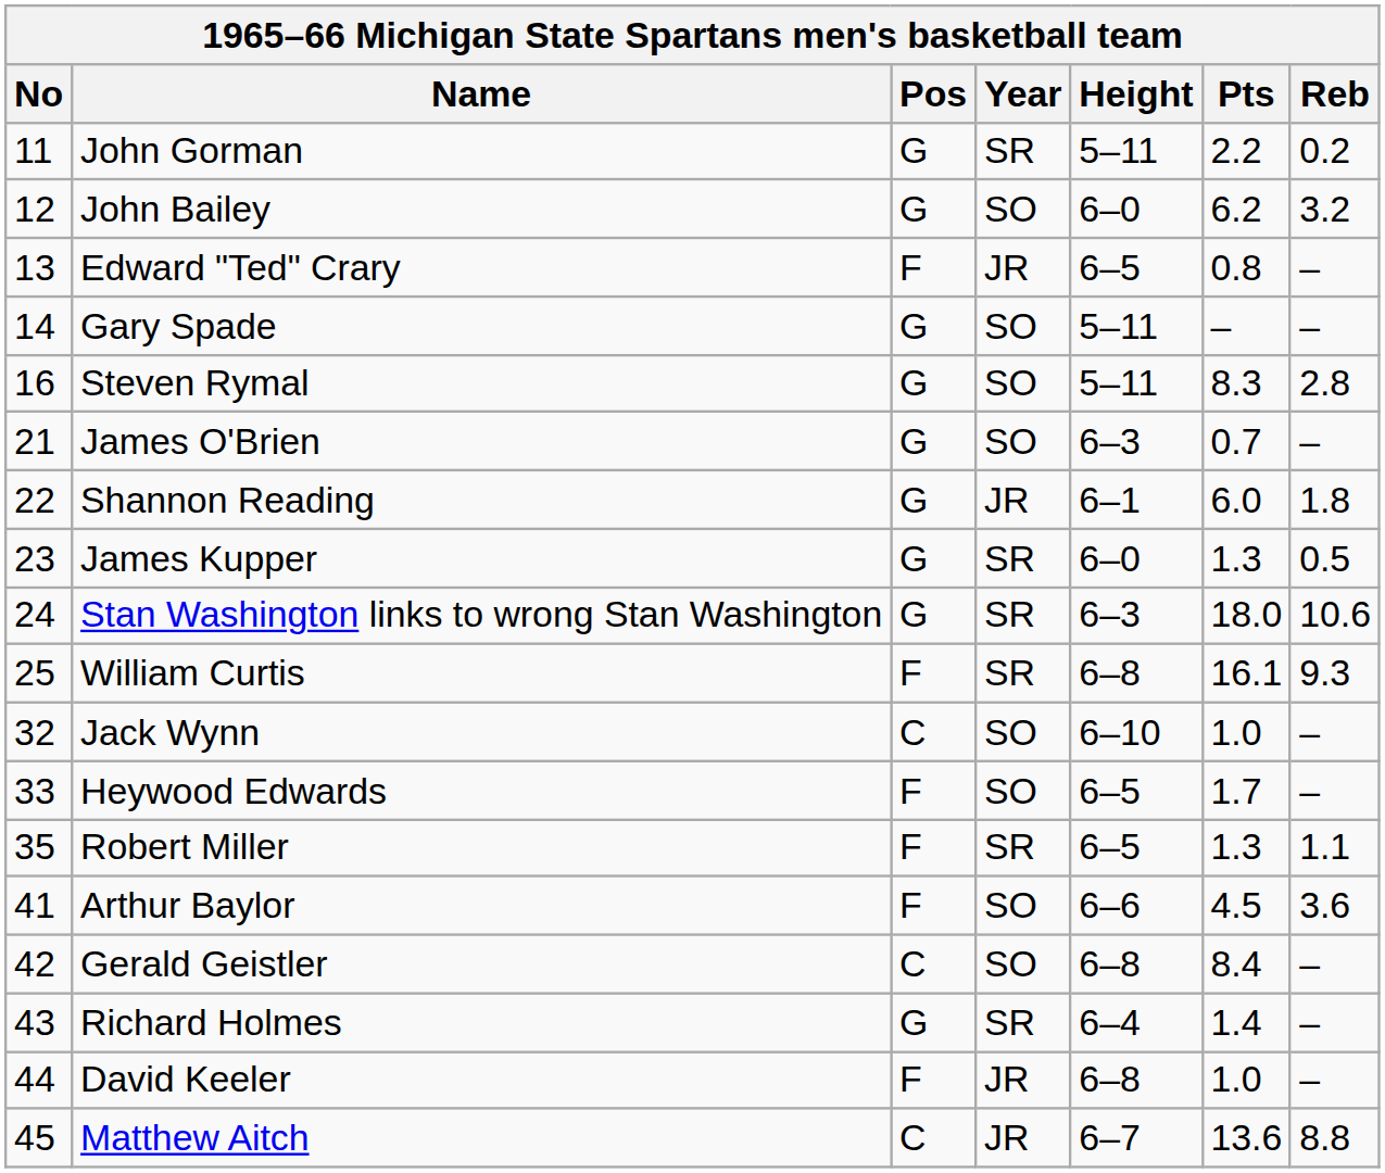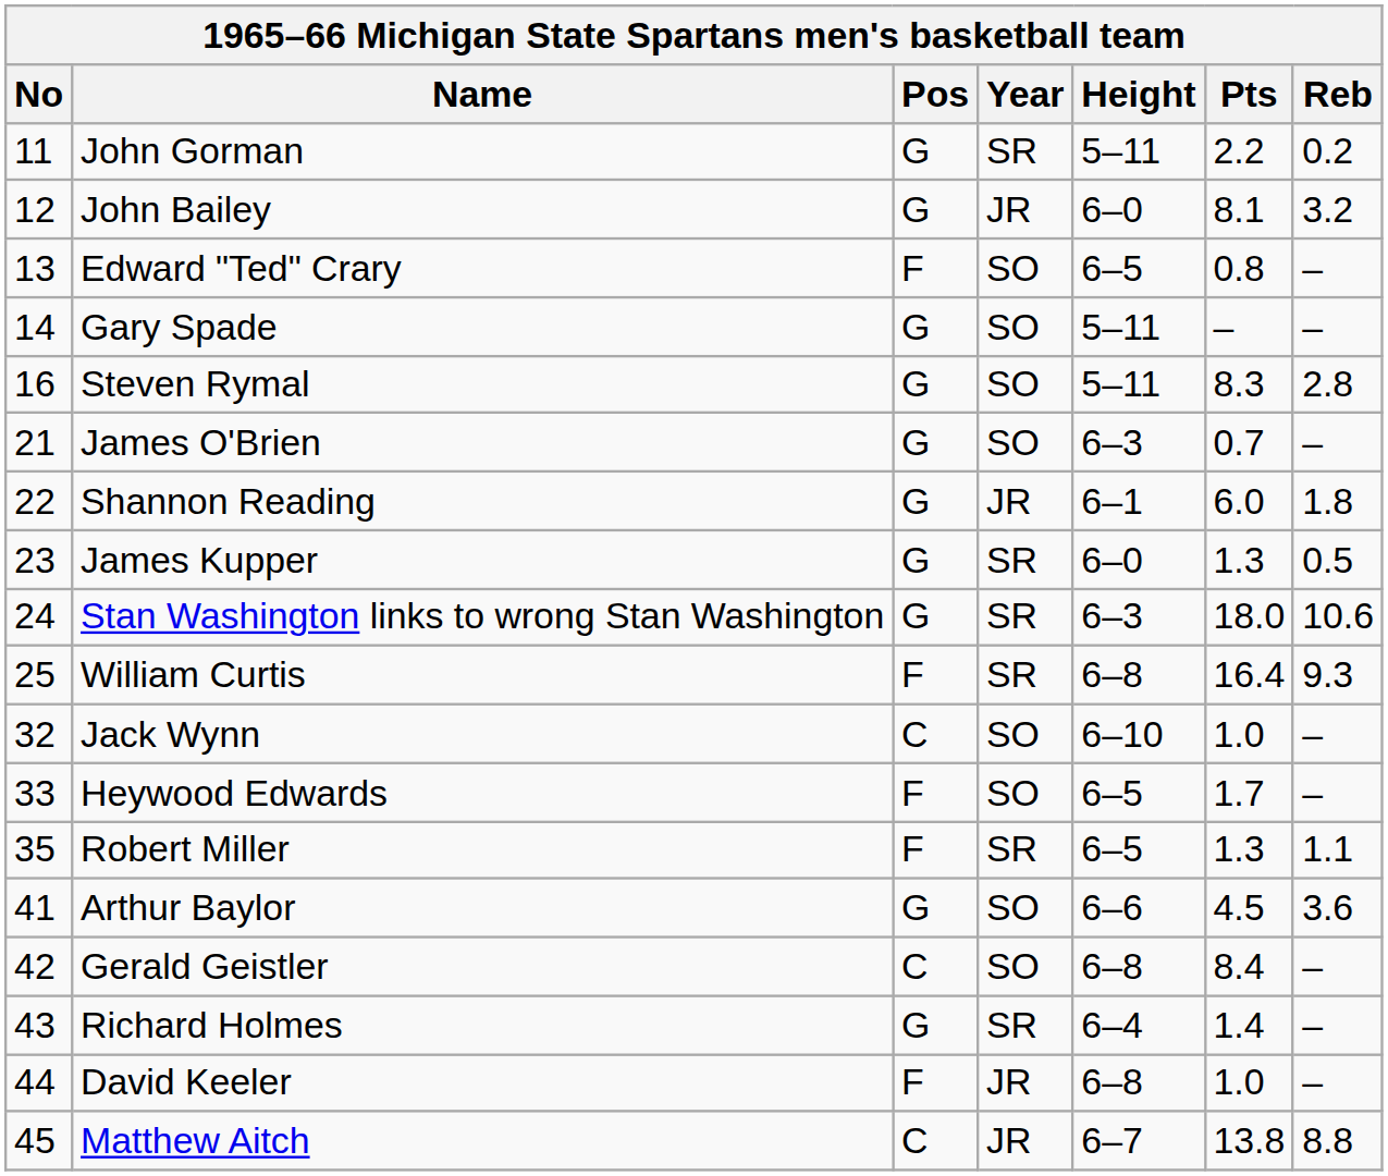 <table class="wikitable sortable" style="font-size: 90%" |->
 <tr>
 <th colspan=9 style=>1965–66 Michigan State Spartans men's basketball team</th>
 </tr>
 <tr>
 <th style="background:#">No</th>
 <th style="background:#">Name</th>
 <th style="background:#">Pos</th>
 <th style="background:#">Year</th>
 <th style="background:#">Height</th>
 <th style="background:#">Pts</th>
 <th style="background:#">Reb</th>
 </tr>
 <tr>
 <td>11</td>
 <td>John Gorman</td>
 <td>G</td>
 <td>SR</td>
 <td>5–11</td>
 <td>2.2</td>
 <td>0.2</td>
 </tr>
 <tr>
 <td>12</td>
 <td>John Bailey</td>
 <td>G</td>
-<td>SO</td>
+<td>JR</td>
 <td>6–0</td>
-<td>6.2</td>
+<td>8.1</td>
 <td>3.2</td>
 </tr>
 <tr>
 <td>13</td>
 <td>Edward "Ted" Crary</td>
 <td>F</td>
-<td>JR</td>
+<td>SO</td>
 <td>6–5</td>
 <td>0.8</td>
 <td>–</td>
 </tr>
 <tr>
 <td>14</td>
 <td>Gary Spade</td>
 <td>G</td>
 <td>SO</td>
 <td>5–11</td>
 <td>–</td>
 <td>–</td>
 </tr>
 <tr>
 <td>16</td>
 <td>Steven Rymal</td>
 <td>G</td>
 <td>SO</td>
 <td>5–11</td>
 <td>8.3</td>
 <td>2.8</td>
 </tr>
 <tr>
 <td>21</td>
 <td>James O'Brien</td>
 <td>G</td>
 <td>SO</td>
 <td>6–3</td>
 <td>0.7</td>
 <td>–</td>
 </tr>
 <tr>
 <td>22</td>
 <td>Shannon Reading</td>
 <td>G</td>
 <td>JR</td>
 <td>6–1</td>
 <td>6.0</td>
 <td>1.8</td>
 </tr>
 <tr>
 <td>23</td>
 <td>James Kupper</td>
 <td>G</td>
 <td>SR</td>
 <td>6–0</td>
 <td>1.3</td>
 <td>0.5</td>
 </tr>
 <tr>
 <td>24</td>
 <td><a href='#'>Stan Washington</a> links to wrong Stan Washington</td>
 <td>G</td>
 <td>SR</td>
 <td>6–3</td>
 <td>18.0</td>
 <td>10.6</td>
 </tr>
 <tr>
 <td>25</td>
 <td>William Curtis</td>
 <td>F</td>
 <td>SR</td>
 <td>6–8</td>
-<td>16.1</td>
+<td>16.4</td>
 <td>9.3</td>
 </tr>
 <tr>
 <td>32</td>
 <td>Jack Wynn</td>
 <td>C</td>
 <td>SO</td>
 <td>6–10</td>
 <td>1.0</td>
 <td>–</td>
 </tr>
 <tr>
 <td>33</td>
 <td>Heywood Edwards</td>
 <td>F</td>
 <td>SO</td>
 <td>6–5</td>
 <td>1.7</td>
 <td>–</td>
 </tr>
 <tr>
 <td>35</td>
 <td>Robert Miller</td>
 <td>F</td>
 <td>SR</td>
 <td>6–5</td>
 <td>1.3</td>
 <td>1.1</td>
 </tr>
 <tr>
 <td>41</td>
 <td>Arthur Baylor</td>
-<td>F</td>
+<td>G</td>
 <td>SO</td>
 <td>6–6</td>
 <td>4.5</td>
 <td>3.6</td>
 </tr>
 <tr>
 <td>42</td>
 <td>Gerald Geistler</td>
 <td>C</td>
 <td>SO</td>
 <td>6–8</td>
 <td>8.4</td>
 <td>–</td>
 </tr>
 <tr>
 <td>43</td>
 <td>Richard Holmes</td>
 <td>G</td>
 <td>SR</td>
 <td>6–4</td>
 <td>1.4</td>
 <td>–</td>
 </tr>
 <tr>
 <td>44</td>
 <td>David Keeler</td>
 <td>F</td>
 <td>JR</td>
 <td>6–8</td>
 <td>1.0</td>
 <td>–</td>
 </tr>
 <tr>
 <td>45</td>
 <td><a href='#'>Matthew Aitch</a></td>
 <td>C</td>
 <td>JR</td>
 <td>6–7</td>
-<td>13.6</td>
+<td>13.8</td>
 <td>8.8</td>
 </tr>
 </table>
